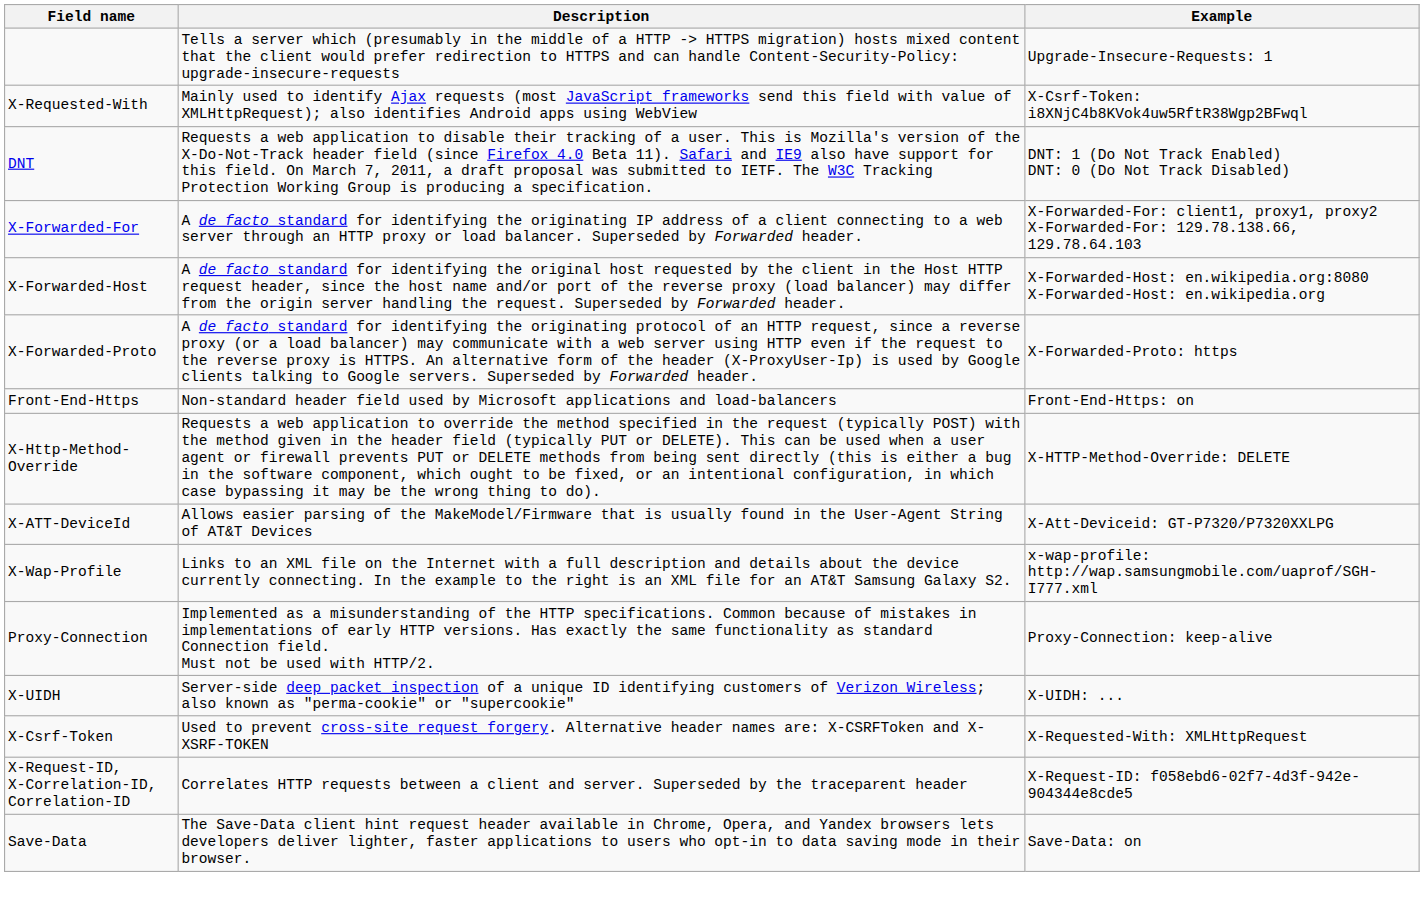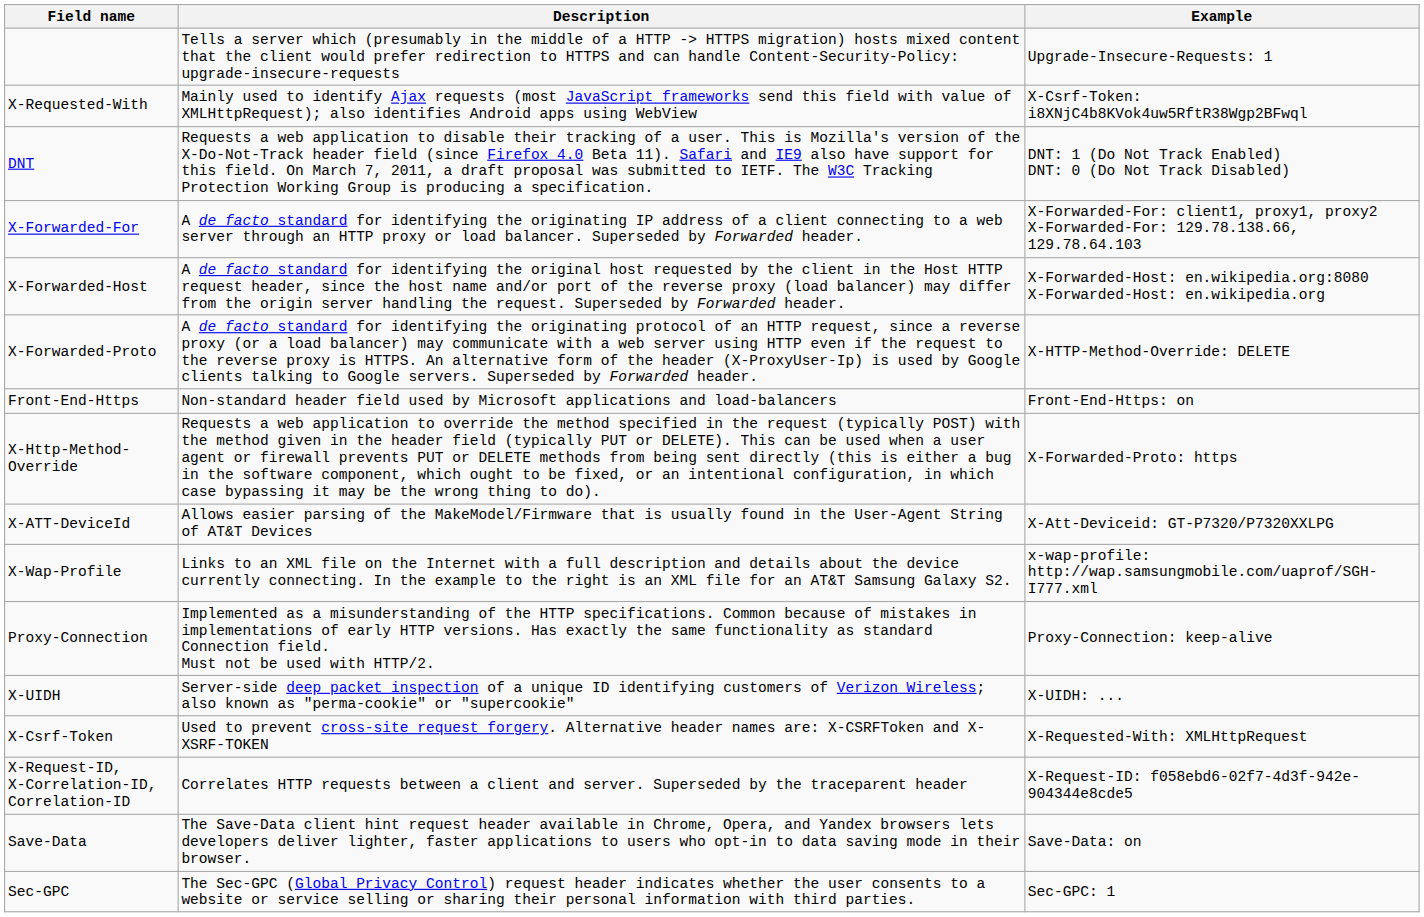 <table class="wikitable sortable" style="width: 100%; clear:right;">
 <tr>
 <th>Field name</th>
 <th class="unsortable">Description</th>
 <th class="unsortable">Example</th>
 </tr>
 <tr>
 <td></td>
 <td>Tells a server which (presumably in the middle of a HTTP -> HTTPS migration) hosts mixed content that the client would prefer redirection to HTTPS and can handle <code>Content-Security-Policy: upgrade-insecure-requests</code></td>
 <td><code>Upgrade-Insecure-Requests: 1</code></td>
 </tr>
 <tr id="Requested-With">
 <td style=white-space:nowrap>X-Requested-With</td>
 <td>Mainly used to identify <a href='#'>Ajax</a> requests (most <a href='#'>JavaScript frameworks</a> send this field with value of <code>XMLHttpRequest</code>); also identifies Android apps using WebView</td>
 <td><code>X-Csrf-Token: i8XNjC4b8KVok4uw5RftR38Wgp2BFwql</code></td>
 </tr>
 <tr>
 <td><a href='#'>DNT</a></td>
 <td>Requests a web application to disable their tracking of a user. This is Mozilla's version of the X-Do-Not-Track header field (since <a href='#'>Firefox 4.0</a> Beta 11).  <a href='#'>Safari</a> and <a href='#'>IE9</a> also have support for this field.  On March 7, 2011, a draft proposal was submitted to IETF. The <a href='#'>W3C</a> Tracking Protection Working Group is producing a specification.</td>
 <td><code>DNT: 1</code> (Do Not Track Enabled)<br><code>DNT: 0</code> (Do Not Track Disabled)</td>
 </tr>
 <tr>
 <td style=white-space:nowrap><a href='#'>X-Forwarded-For</a></td>
 <td>A <a href='#'><em>de facto</em> standard</a> for identifying the originating IP address of a client connecting to a web server through an HTTP proxy or load balancer. Superseded by <em>Forwarded</em> header.</td>
 <td><code>X-Forwarded-For: client1, proxy1, proxy2</code><br><code>X-Forwarded-For: 129.78.138.66, 129.78.64.103</code></td>
 </tr>
 <tr>
 <td>X-Forwarded-Host</td>
 <td>A <a href='#'><em>de facto</em> standard</a> for identifying the original host requested by the client in the <code>Host</code> HTTP request header, since the host name and/or port of the reverse proxy (load balancer) may differ from the origin server handling the request. Superseded by <em>Forwarded</em> header.</td>
 <td><code>X-Forwarded-Host: en.wikipedia.org:8080</code><br><code>X-Forwarded-Host: en.wikipedia.org</code></td>
 </tr>
 <tr>
 <td>X-Forwarded-Proto</td>
 <td>A <a href='#'><em>de facto</em> standard</a> for identifying the originating protocol of an HTTP request, since a reverse proxy (or a load balancer) may communicate with a web server using HTTP even if the request to the reverse proxy is HTTPS.  An alternative form of the header (X-ProxyUser-Ip) is used by Google clients talking to Google servers. Superseded by <em>Forwarded</em> header.</td>
-<td><code>X-Forwarded-Proto: https</code></td>
+<td><code>X-HTTP-Method-Override: DELETE</code></td>
 </tr>
 <tr>
 <td>Front-End-Https</td>
 <td>Non-standard header field used by Microsoft applications and load-balancers</td>
 <td><code>Front-End-Https: on</code></td>
 </tr>
 <tr>
 <td>X-Http-Method-Override</td>
 <td>Requests a web application to override the method specified in the request (typically POST) with the method given in the header field (typically PUT or DELETE). This can be used when a user agent or firewall prevents PUT or DELETE methods from being sent directly (this is either a bug in the software component, which ought to be fixed, or an intentional configuration, in which case bypassing it may be the wrong thing to do).</td>
-<td><code>X-HTTP-Method-Override: DELETE</code></td>
+<td><code>X-Forwarded-Proto: https</code></td>
 </tr>
 <tr>
 <td>X-ATT-DeviceId</td>
 <td>Allows easier parsing of the MakeModel/Firmware that is usually found in the User-Agent String of AT&T Devices</td>
 <td><code>X-Att-Deviceid: GT-P7320/P7320XXLPG</code></td>
 </tr>
 <tr>
 <td>X-Wap-Profile</td>
 <td>Links to an XML file on the Internet with a full description and details about the device currently connecting. In the example to the right is an XML file for an AT&T Samsung Galaxy S2.</td>
 <td><code>x-wap-profile: http://wap.samsungmobile.com/uaprof/SGH-I777.xml</code></td>
 </tr>
 <tr>
 <td>Proxy-Connection</td>
 <td>Implemented as a misunderstanding of the HTTP specifications. Common because of mistakes in implementations of early HTTP versions. Has exactly the same functionality as standard Connection field.<br>Must not be used with HTTP/2.</td>
 <td><code>Proxy-Connection: keep-alive</code></td>
 </tr>
 <tr>
 <td>X-UIDH</td>
 <td>Server-side <a href='#'>deep packet inspection</a> of a unique ID identifying customers of <a href='#'>Verizon Wireless</a>; also known as "perma-cookie" or "supercookie"</td>
 <td><code>X-UIDH: ...</code></td>
 </tr>
 <tr>
 <td>X-Csrf-Token</td>
 <td>Used to prevent <a href='#'>cross-site request forgery</a>. Alternative header names are: <code>X-CSRFToken</code> and <code>X-XSRF-TOKEN</code></td>
 <td><code> X-Requested-With: XMLHttpRequest</code></td>
 </tr>
 <tr>
 <td>X-Request-ID,<br>X-Correlation-ID, Correlation-ID</td>
 <td>Correlates HTTP requests between a client and server. Superseded by the traceparent header<br></td>
 <td><code>X-Request-ID: f058ebd6-02f7-4d3f-942e-904344e8cde5</code></td>
 </tr>
 <tr>
 <td>Save-Data</td>
 <td>The Save-Data client hint request header available in Chrome, Opera, and Yandex browsers lets developers deliver lighter, faster applications to users who opt-in to data saving mode in their browser.</td>
 <td><code>Save-Data: on</code></td>
 </tr>
+<tr>
+<td>Sec-GPC</td>
+<td>The Sec-GPC (<a href='#'>Global Privacy Control</a>) request header indicates whether the user consents to a website or service selling or sharing their personal information with third parties.</td>
+<td><code>Sec-GPC: 1</code></td>
+</tr>
 </table>
